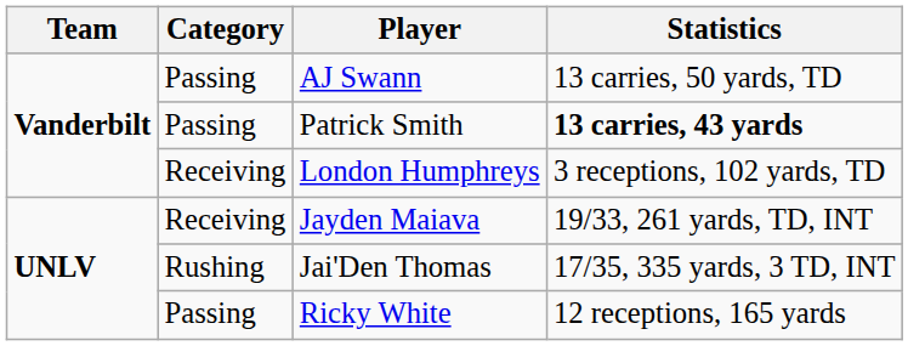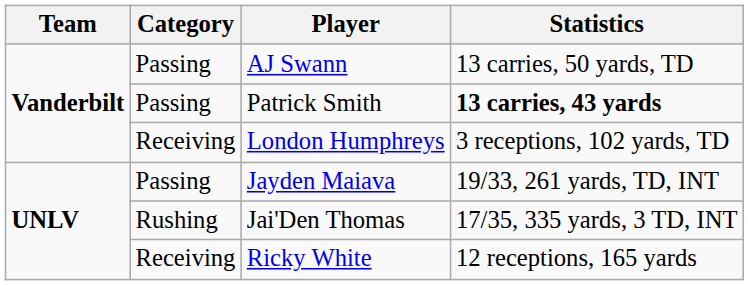 <table class="wikitable" style="float: right;">
 <tr>
 <th>Team</th>
 <th>Category</th>
 <th>Player</th>
 <th>Statistics</th>
 </tr>
 <tr>
 <td rowspan=3><strong>Vanderbilt</strong></td>
 <td>Passing</td>
 <td><a href='#'>AJ Swann</a></td>
 <td>13 carries, 50 yards, TD</td>
 </tr>
 <tr>
 <td>Passing</td>
 <td>Patrick Smith</td>
 <td><strong>13 carries, 43 yards</strong></td>
 </tr>
 <tr>
 <td>Receiving</td>
 <td><a href='#'>London Humphreys</a></td>
 <td>3 receptions, 102 yards, TD</td>
 </tr>
 <tr>
 <td rowspan=3><strong>UNLV</strong></td>
-<td>Receiving</td>
+<td>Passing</td>
 <td><a href='#'>Jayden Maiava</a></td>
 <td>19/33, 261 yards, TD, INT</td>
 </tr>
 <tr>
 <td>Rushing</td>
 <td>Jai'Den Thomas</td>
 <td>17/35, 335 yards, 3 TD, INT</td>
 </tr>
 <tr>
-<td>Passing</td>
+<td>Receiving</td>
 <td><a href='#'>Ricky White</a></td>
 <td>12 receptions, 165 yards</td>
 </tr>
 </table>
